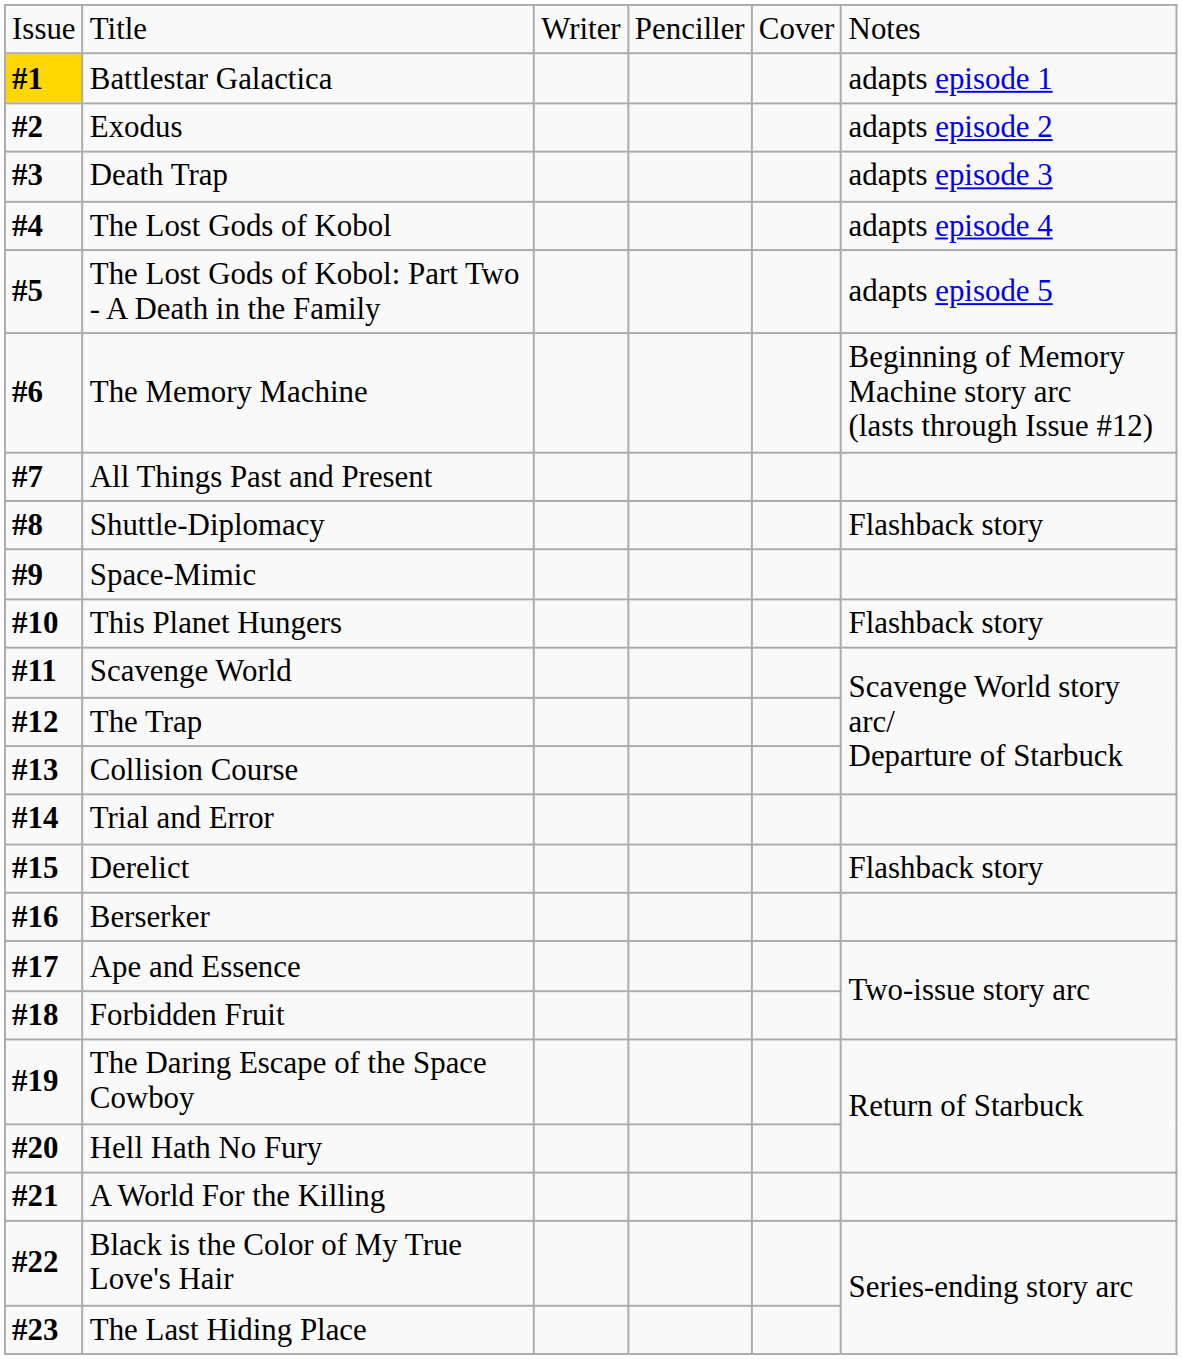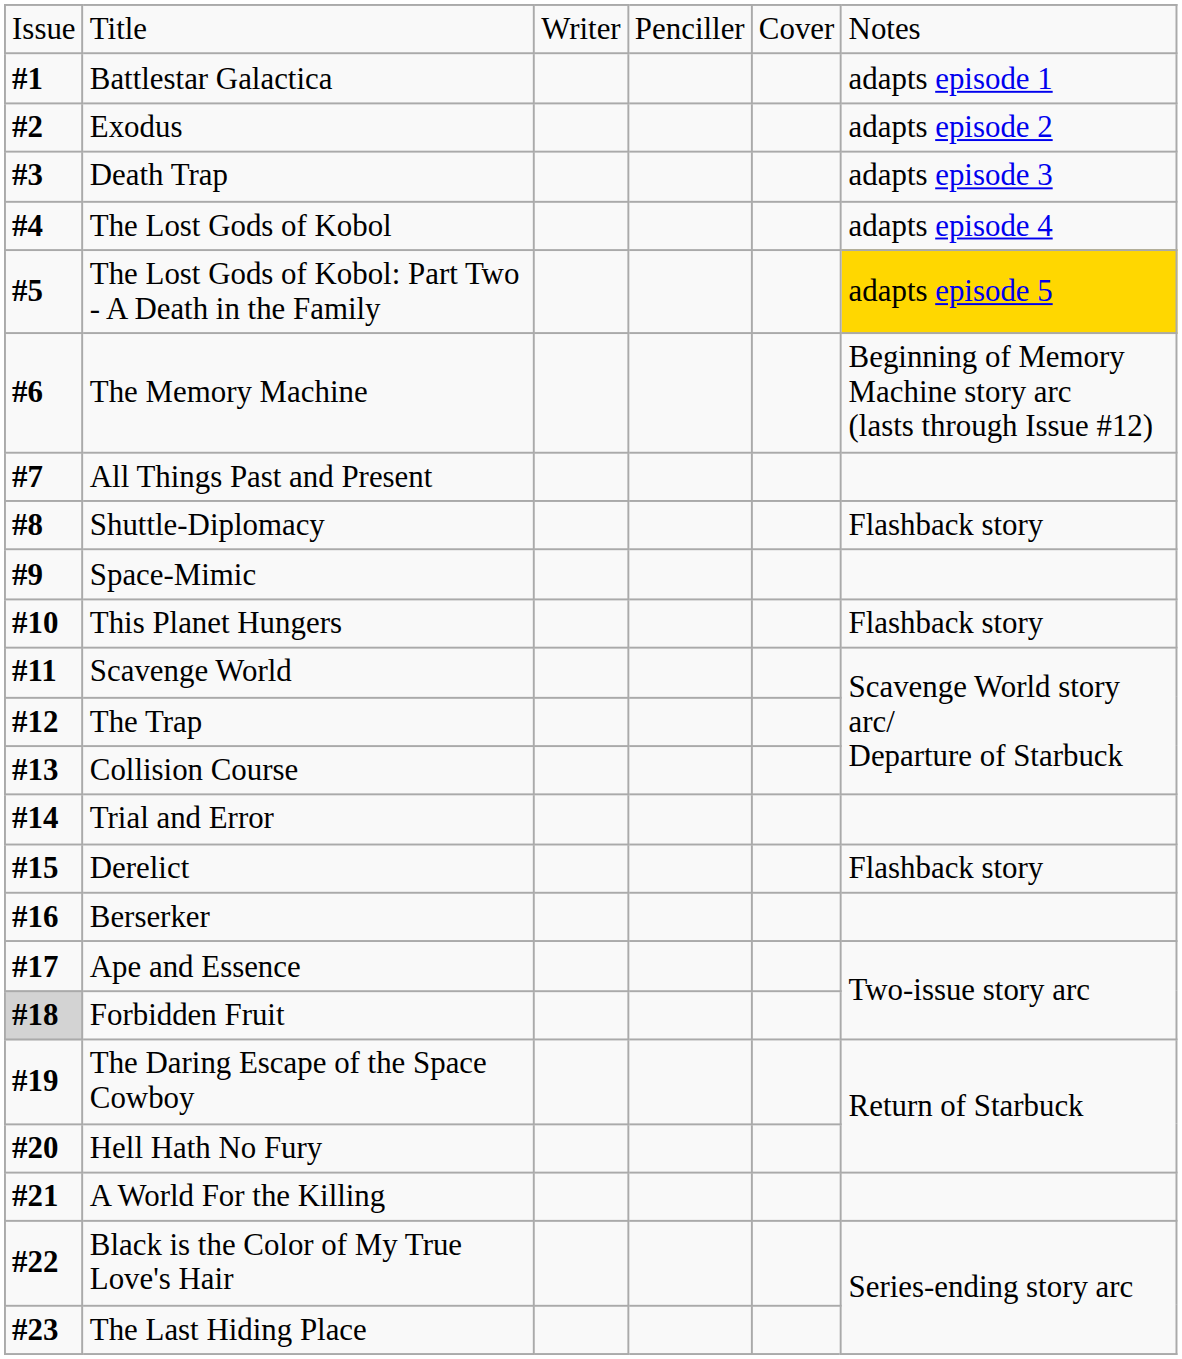 <table class="wikitable">
 <tr>
 <td>Issue</td>
 <td>Title</td>
 <td>Writer</td>
 <td>Penciller</td>
 <td>Cover</td>
 <td>Notes</td>
 </tr>
 <tr>
-<td style="background: gold;"><strong>#1</strong></td>
+<td><strong>#1</strong></td>
 <td>Battlestar Galactica</td>
 <td></td>
 <td></td>
 <td></td>
 <td>adapts <a href='#'>episode 1</a></td>
 </tr>
 <tr>
 <td><strong>#2</strong></td>
 <td>Exodus</td>
 <td></td>
 <td></td>
 <td></td>
 <td>adapts <a href='#'>episode 2</a></td>
 </tr>
 <tr>
 <td><strong>#3</strong></td>
 <td>Death Trap</td>
 <td></td>
 <td></td>
 <td></td>
 <td>adapts <a href='#'>episode 3</a></td>
 </tr>
 <tr>
 <td><strong>#4</strong></td>
 <td>The Lost Gods of Kobol</td>
 <td></td>
 <td></td>
 <td></td>
 <td>adapts <a href='#'>episode 4</a></td>
 </tr>
 <tr>
 <td><strong>#5</strong></td>
 <td>The Lost Gods of Kobol: Part Two - A Death in the Family</td>
 <td></td>
 <td></td>
 <td></td>
-<td>adapts <a href='#'>episode 5</a></td>
+<td style="background: gold;">adapts <a href='#'>episode 5</a></td>
 </tr>
 <tr>
 <td><strong>#6</strong></td>
 <td>The Memory Machine</td>
 <td></td>
 <td></td>
 <td></td>
 <td>Beginning of Memory Machine story arc<br>(lasts through Issue #12)</td>
 </tr>
 <tr>
 <td><strong>#7</strong></td>
 <td>All Things Past and Present</td>
 <td></td>
 <td></td>
 <td></td>
 <td></td>
 </tr>
 <tr>
 <td><strong>#8</strong></td>
 <td>Shuttle-Diplomacy</td>
 <td></td>
 <td></td>
 <td></td>
 <td>Flashback story</td>
 </tr>
 <tr>
 <td><strong>#9</strong></td>
 <td>Space-Mimic</td>
 <td></td>
 <td></td>
 <td></td>
 <td></td>
 </tr>
 <tr>
 <td><strong>#10</strong></td>
 <td>This Planet Hungers</td>
 <td></td>
 <td></td>
 <td></td>
 <td>Flashback story</td>
 </tr>
 <tr>
 <td><strong>#11</strong></td>
 <td>Scavenge World</td>
 <td></td>
 <td></td>
 <td></td>
 <td rowspan="3" colspan="2">Scavenge World story arc/<br>Departure of Starbuck</td>
 </tr>
 <tr>
 <td><strong>#12</strong></td>
 <td>The Trap</td>
 <td></td>
 <td></td>
 <td></td>
 </tr>
 <tr>
 <td><strong>#13</strong></td>
 <td>Collision Course</td>
 <td></td>
 <td></td>
 <td></td>
 </tr>
 <tr>
 <td><strong>#14</strong></td>
 <td>Trial and Error</td>
 <td></td>
 <td></td>
 <td></td>
 <td></td>
 </tr>
 <tr>
 <td><strong>#15</strong></td>
 <td>Derelict</td>
 <td></td>
 <td></td>
 <td></td>
 <td>Flashback story</td>
 </tr>
 <tr>
 <td><strong>#16</strong></td>
 <td>Berserker</td>
 <td></td>
 <td></td>
 <td></td>
 <td></td>
 </tr>
 <tr>
 <td><strong>#17</strong></td>
 <td>Ape and Essence</td>
 <td></td>
 <td></td>
 <td></td>
 <td rowspan="2" colspan="2">Two-issue story arc</td>
 </tr>
 <tr>
-<td><strong>#18</strong></td>
+<td style="background: lightgrey;"><strong>#18</strong></td>
 <td>Forbidden Fruit</td>
 <td></td>
 <td></td>
 <td></td>
 </tr>
 <tr>
 <td><strong>#19</strong></td>
 <td>The Daring Escape of the Space Cowboy</td>
 <td></td>
 <td></td>
 <td></td>
 <td rowspan="2" colspan="2">Return of Starbuck</td>
 </tr>
 <tr>
 <td><strong>#20</strong></td>
 <td>Hell Hath No Fury</td>
 <td></td>
 <td></td>
 <td></td>
 </tr>
 <tr>
 <td><strong>#21</strong></td>
 <td>A World For the Killing</td>
 <td></td>
 <td></td>
 <td></td>
 <td></td>
 </tr>
 <tr>
 <td><strong>#22</strong></td>
 <td>Black is the Color of My True Love's Hair</td>
 <td></td>
 <td></td>
 <td></td>
 <td rowspan="2" colspan="2">Series-ending story arc</td>
 </tr>
 <tr>
 <td><strong>#23</strong></td>
 <td>The Last Hiding Place</td>
 <td></td>
 <td></td>
 <td></td>
 </tr>
 </table>
